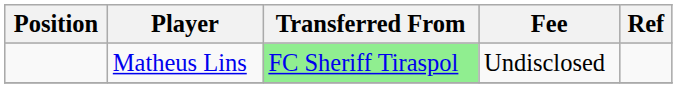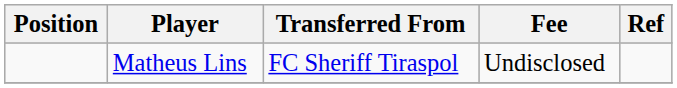 <table class="wikitable sortable" style="width:70%; text-align:center; font-size:100%; text-align:left;">
 <tr>
 <th>Position</th>
 <th>Player</th>
 <th>Transferred From</th>
 <th>Fee</th>
 <th>Ref</th>
 </tr>
 <tr>
 <td></td>
 <td> <a href='#'>Matheus Lins</a></td>
-<td style="background: lightgreen;"> <a href='#'>FC Sheriff Tiraspol</a></td>
+<td> <a href='#'>FC Sheriff Tiraspol</a></td>
 <td>Undisclosed</td>
 <td></td>
 </tr>
 <tr>
 </tr>
 </table>
